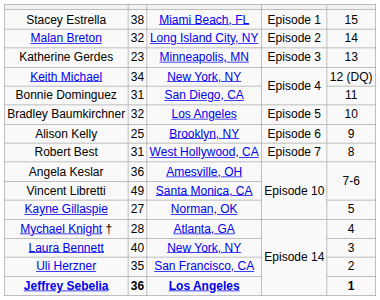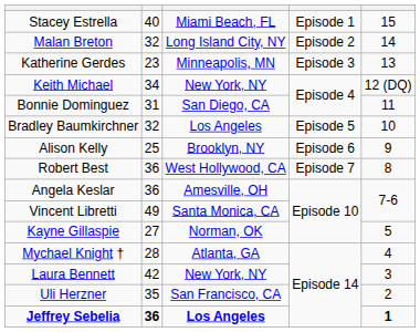 <table class="wikitable sortable" style="text-align:center;">
 <tr>
 <th></th>
 <th></th>
 <th></th>
 <th></th>
 <th></th>
 </tr>
 <tr>
 <td>Stacey Estrella</td>
-<td>38</td>
+<td>40</td>
 <td><a href='#'>Miami Beach, FL</a></td>
 <td>Episode 1</td>
 <td>15</td>
 </tr>
 <tr>
 <td><a href='#'>Malan Breton</a></td>
 <td>32</td>
 <td><a href='#'>Long Island City, NY</a></td>
 <td>Episode 2</td>
 <td>14</td>
 </tr>
 <tr>
 <td>Katherine Gerdes</td>
 <td>23</td>
 <td><a href='#'>Minneapolis, MN</a></td>
 <td>Episode 3</td>
 <td>13</td>
 </tr>
 <tr>
 <td><a href='#'>Keith Michael</a></td>
 <td>34</td>
 <td><a href='#'>New York, NY</a></td>
 <td rowspan="2">Episode 4</td>
 <td>12 (DQ)</td>
 </tr>
 <tr>
 <td>Bonnie Dominguez</td>
 <td>31</td>
 <td><a href='#'>San Diego, CA</a></td>
 <td>11</td>
 </tr>
 <tr>
 <td>Bradley Baumkirchner</td>
 <td>32</td>
 <td><a href='#'>Los Angeles</a></td>
 <td>Episode 5</td>
 <td>10</td>
 </tr>
 <tr>
 <td>Alison Kelly</td>
 <td>25</td>
 <td><a href='#'>Brooklyn, NY</a></td>
 <td>Episode 6</td>
 <td>9</td>
 </tr>
 <tr>
 <td>Robert Best</td>
-<td>31</td>
+<td>36</td>
 <td><a href='#'>West Hollywood, CA</a></td>
 <td>Episode 7</td>
 <td>8</td>
 </tr>
 <tr>
 <td>Angela Keslar</td>
 <td>36</td>
 <td><a href='#'>Amesville, OH</a></td>
 <td rowspan="3">Episode 10</td>
 <td rowspan="2">7-6</td>
 </tr>
 <tr>
 <td>Vincent Libretti</td>
 <td>49</td>
 <td><a href='#'>Santa Monica, CA</a></td>
 </tr>
 <tr>
 <td><a href='#'>Kayne Gillaspie</a></td>
 <td>27</td>
 <td><a href='#'>Norman, OK</a></td>
 <td>5</td>
 </tr>
 <tr>
 <td><a href='#'>Mychael Knight</a> †</td>
 <td>28</td>
 <td><a href='#'>Atlanta, GA</a></td>
 <td rowspan="4">Episode 14</td>
 <td>4</td>
 </tr>
 <tr>
 <td><a href='#'>Laura Bennett</a></td>
-<td>40</td>
+<td>42</td>
 <td><a href='#'>New York, NY</a></td>
 <td>3</td>
 </tr>
 <tr>
 <td><a href='#'>Uli Herzner</a></td>
 <td>35</td>
 <td><a href='#'>San Francisco, CA</a></td>
 <td>2</td>
 </tr>
 <tr>
 <td><strong><a href='#'>Jeffrey Sebelia</a></strong></td>
 <td><strong>36</strong></td>
 <td><strong><a href='#'>Los Angeles</a></strong></td>
 <td><strong>1</strong></td>
 </tr>
 </table>
